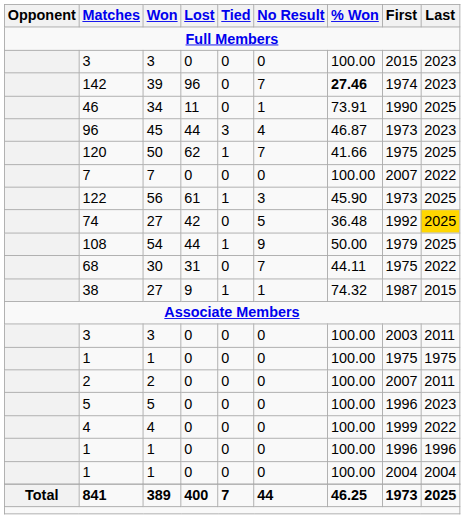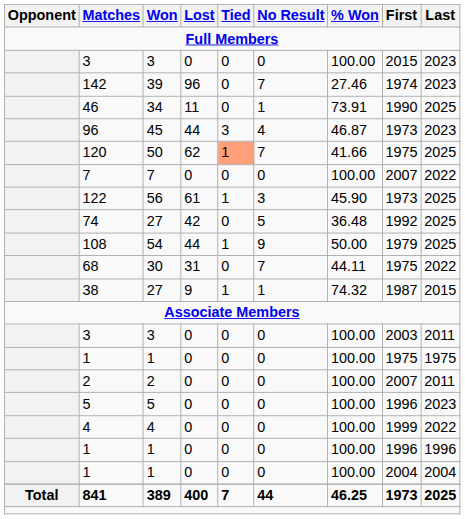 <table class="wikitable plainrowheaders sortable">
 <tr>
 <th scope="col">Opponent</th>
 <th scope="col"><a href='#'>Matches</a></th>
 <th scope="col"><a href='#'>Won</a></th>
 <th scope="col"><a href='#'>Lost</a></th>
 <th scope="col"><a href='#'>Tied</a></th>
 <th scope="col"><a href='#'>No Result</a></th>
 <th scope="col"><a href='#'>% Won</a></th>
 <th scope="col">First</th>
 <th scope="col">Last</th>
 </tr>
 <tr>
 <td style="text-align: center;" colspan="9"><strong><a href='#'>Full Members</a></strong></td>
 </tr>
 <tr>
 <th scope="row"></th>
 <td>3</td>
 <td>3</td>
 <td>0</td>
 <td>0</td>
 <td>0</td>
 <td>100.00</td>
 <td>2015</td>
 <td>2023</td>
 </tr>
 <tr>
 <th scope="row"></th>
 <td>142</td>
 <td>39</td>
 <td>96</td>
 <td>0</td>
 <td>7</td>
-<td><strong>27.46</strong></td>
+<td>27.46</td>
 <td>1974</td>
 <td>2023</td>
 </tr>
 <tr>
 <th scope="row"></th>
 <td>46</td>
 <td>34</td>
 <td>11</td>
 <td>0</td>
 <td>1</td>
 <td>73.91</td>
 <td>1990</td>
 <td>2025</td>
 </tr>
 <tr>
 <th scope="row"></th>
 <td>96</td>
 <td>45</td>
 <td>44</td>
 <td>3</td>
 <td>4</td>
 <td>46.87</td>
 <td>1973</td>
 <td>2023</td>
 </tr>
 <tr>
 <th scope="row"></th>
 <td>120</td>
 <td>50</td>
 <td>62</td>
-<td>1</td>
+<td style="background: lightsalmon;">1</td>
 <td>7</td>
 <td>41.66</td>
 <td>1975</td>
 <td>2025</td>
 </tr>
 <tr>
 <th scope="row"></th>
 <td>7</td>
 <td>7</td>
 <td>0</td>
 <td>0</td>
 <td>0</td>
 <td>100.00</td>
 <td>2007</td>
 <td>2022</td>
 </tr>
 <tr>
 <th scope="row"></th>
 <td>122</td>
 <td>56</td>
 <td>61</td>
 <td>1</td>
 <td>3</td>
 <td>45.90</td>
 <td>1973</td>
 <td>2025</td>
 </tr>
 <tr>
 <th scope="row"></th>
 <td>74</td>
 <td>27</td>
 <td>42</td>
 <td>0</td>
 <td>5</td>
 <td>36.48</td>
 <td>1992</td>
-<td style="background: gold;">2025</td>
+<td>2025</td>
 </tr>
 <tr>
 <th scope="row"></th>
 <td>108</td>
 <td>54</td>
 <td>44</td>
 <td>1</td>
 <td>9</td>
 <td>50.00</td>
 <td>1979</td>
 <td>2025</td>
 </tr>
 <tr>
 <th scope="row"></th>
 <td>68</td>
 <td>30</td>
 <td>31</td>
 <td>0</td>
 <td>7</td>
 <td>44.11</td>
 <td>1975</td>
 <td>2022</td>
 </tr>
 <tr>
 <th scope="row"></th>
 <td>38</td>
 <td>27</td>
 <td>9</td>
 <td>1</td>
 <td>1</td>
 <td>74.32</td>
 <td>1987</td>
 <td>2015</td>
 </tr>
 <tr>
 <td colspan="10" style="text-align: center;"><strong><a href='#'>Associate Members</a></strong></td>
 </tr>
 <tr>
 <th scope="row"></th>
 <td>3</td>
 <td>3</td>
 <td>0</td>
 <td>0</td>
 <td>0</td>
 <td>100.00</td>
 <td>2003</td>
 <td>2011</td>
 </tr>
 <tr>
 <th scope="row"></th>
 <td>1</td>
 <td>1</td>
 <td>0</td>
 <td>0</td>
 <td>0</td>
 <td>100.00</td>
 <td>1975</td>
 <td>1975</td>
 </tr>
 <tr>
 <th scope="row"></th>
 <td>2</td>
 <td>2</td>
 <td>0</td>
 <td>0</td>
 <td>0</td>
 <td>100.00</td>
 <td>2007</td>
 <td>2011</td>
 </tr>
 <tr>
 <th scope="row"></th>
 <td>5</td>
 <td>5</td>
 <td>0</td>
 <td>0</td>
 <td>0</td>
 <td>100.00</td>
 <td>1996</td>
 <td>2023</td>
 </tr>
 <tr>
 <th scope="row"></th>
 <td>4</td>
 <td>4</td>
 <td>0</td>
 <td>0</td>
 <td>0</td>
 <td>100.00</td>
 <td>1999</td>
 <td>2022</td>
 </tr>
 <tr>
 <th scope="row"></th>
 <td>1</td>
 <td>1</td>
 <td>0</td>
 <td>0</td>
 <td>0</td>
 <td>100.00</td>
 <td>1996</td>
 <td>1996</td>
 </tr>
 <tr>
 <th scope="row"></th>
 <td>1</td>
 <td>1</td>
 <td>0</td>
 <td>0</td>
 <td>0</td>
 <td>100.00</td>
 <td>2004</td>
 <td>2004</td>
 </tr>
 <tr>
 </tr>
 <tr class="sortbottom">
 <th scope="row" style="text-align:center"><strong>Total</strong></th>
 <td><strong>841</strong></td>
 <td><strong>389</strong></td>
 <td><strong>400</strong></td>
 <td><strong>7</strong></td>
 <td><strong>44</strong></td>
 <td><strong>46.25</strong></td>
 <td><strong>1973</strong></td>
 <td><strong>2025</strong></td>
 </tr>
 <tr>
 <td colspan=10></td>
 </tr>
 </table>
